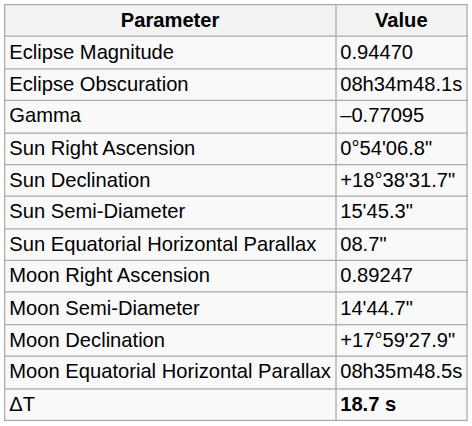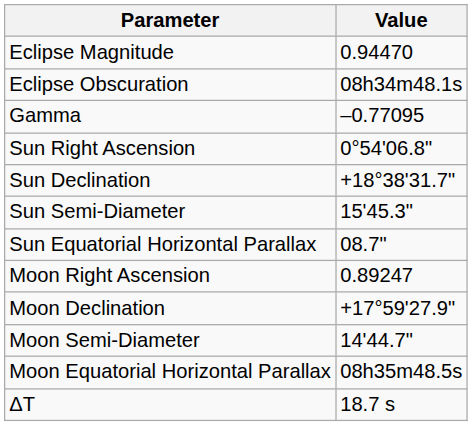 <table class="wikitable">
 <tr>
 <th>Parameter</th>
 <th>Value</th>
 </tr>
 <tr>
 <td>Eclipse Magnitude</td>
 <td>0.94470</td>
 </tr>
 <tr>
 <td>Eclipse Obscuration</td>
 <td>08h34m48.1s</td>
 </tr>
 <tr>
 <td>Gamma</td>
 <td>–0.77095</td>
 </tr>
 <tr>
 <td>Sun Right Ascension</td>
 <td>0°54'06.8"</td>
 </tr>
 <tr>
 <td>Sun Declination</td>
 <td>+18°38'31.7"</td>
 </tr>
 <tr>
 <td>Sun Semi-Diameter</td>
 <td>15'45.3"</td>
 </tr>
 <tr>
 <td>Sun Equatorial Horizontal Parallax</td>
 <td>08.7"</td>
 </tr>
 <tr>
 <td>Moon Right Ascension</td>
 <td>0.89247</td>
 </tr>
 <tr>
+<td>Moon Declination</td>
+<td>+17°59'27.9"</td>
+</tr>
+<tr>
 <td>Moon Semi-Diameter</td>
 <td>14'44.7"</td>
-</tr>
-<tr>
-<td>Moon Declination</td>
-<td>+17°59'27.9"</td>
 </tr>
 <tr>
 <td>Moon Equatorial Horizontal Parallax</td>
 <td>08h35m48.5s</td>
 </tr>
 <tr>
 <td>ΔT</td>
-<td><strong>18.7 s</strong></td>
+<td>18.7 s</td>
 </tr>
 </table>
